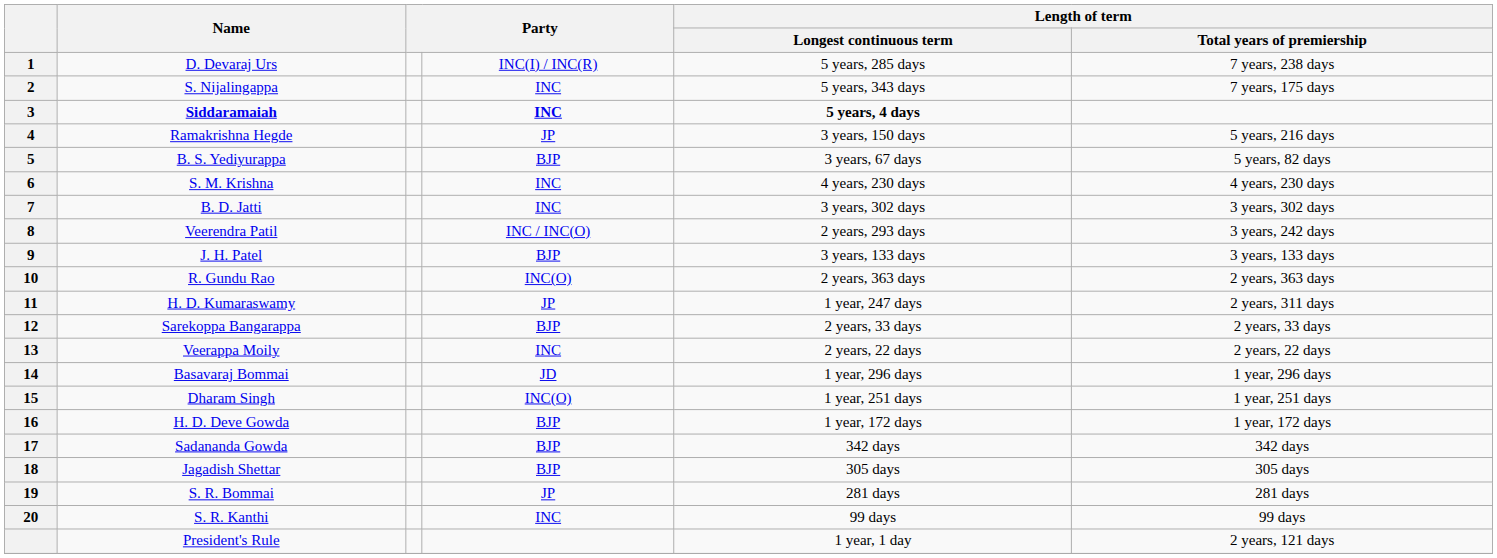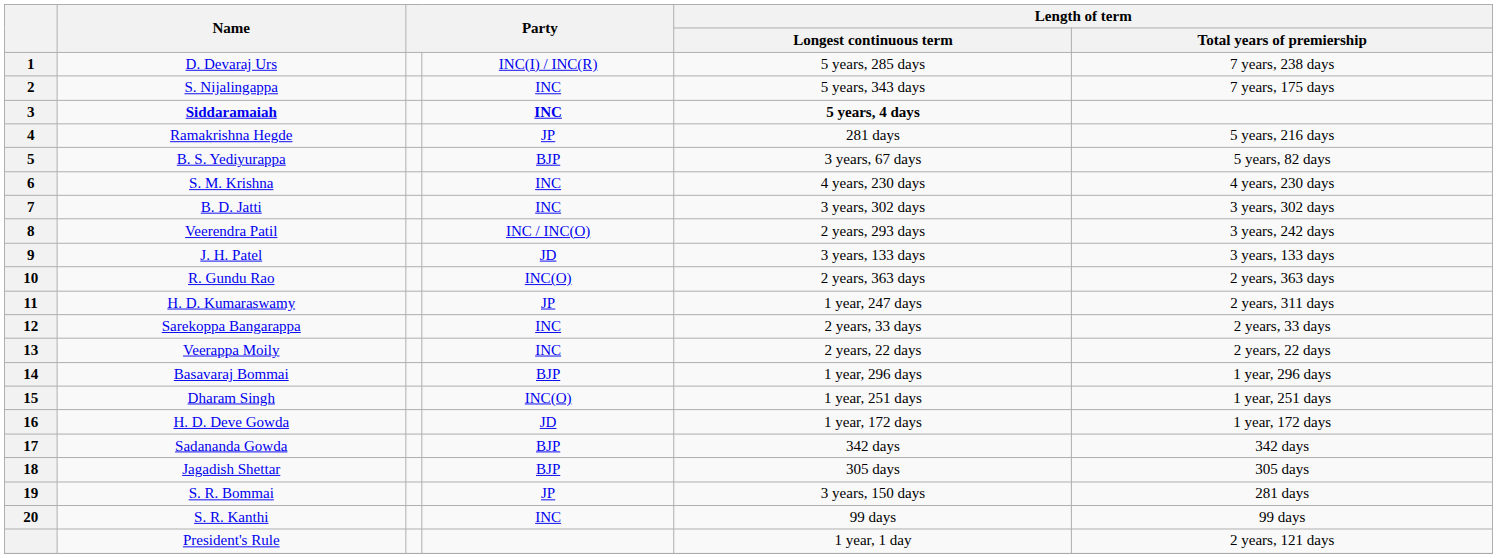 <table class="wikitable sortable" style="width:100%; text-align:center">
 <tr>
 <th rowspan="2" data-sort-type="number"></th>
 <th rowspan="2">Name</th>
 <th colspan="2" rowspan="2">Party</th>
 <th colspan="2">Length of term</th>
 </tr>
 <tr>
 <th>Longest continuous term</th>
 <th>Total years of premiership</th>
 </tr>
 <tr>
 <th data-sort-value="1">1</th>
 <td><a href='#'>D. Devaraj Urs</a></td>
 <td style="background-color: "></td>
 <td><a href='#'>INC(I) / INC(R)</a></td>
 <td>5 years, 285 days</td>
 <td>7 years, 238 days</td>
 </tr>
 <tr>
 <th data-sort-value="2">2</th>
 <td><a href='#'>S. Nijalingappa</a></td>
 <td style="background-color: "></td>
 <td><a href='#'>INC</a></td>
 <td>5 years, 343 days</td>
 <td>7 years, 175 days</td>
 </tr>
 <tr>
 <th data-sort-value="3">3</th>
 <td><strong><a href='#'>Siddaramaiah</a></strong></td>
 <td style="background-color: "></td>
 <td><a href='#'><strong>INC</strong></a></td>
 <td><strong>5 years, 4 days</strong></td>
 <td><strong></strong></td>
 </tr>
 <tr>
 <th data-sort-value="4">4</th>
 <td><a href='#'>Ramakrishna Hegde</a></td>
 <td style="background-color: "></td>
 <td><a href='#'>JP</a></td>
-<td>3 years, 150 days</td>
+<td>281 days</td>
 <td>5 years, 216 days</td>
 </tr>
 <tr>
 <th data-sort-value="5">5</th>
 <td><a href='#'>B. S. Yediyurappa</a></td>
 <td style="background-color: "></td>
 <td><a href='#'>BJP</a></td>
 <td>3 years, 67 days</td>
 <td>5 years, 82 days</td>
 </tr>
 <tr>
 <th data-sort-value="6">6</th>
 <td><a href='#'>S. M. Krishna</a></td>
 <td style="background-color: "></td>
 <td><a href='#'>INC</a></td>
 <td>4 years, 230 days</td>
 <td>4 years, 230 days</td>
 </tr>
 <tr>
 <th data-sort-value="7">7</th>
 <td><a href='#'>B. D. Jatti</a></td>
 <td style="background-color: "></td>
 <td><a href='#'>INC</a></td>
 <td>3 years, 302 days</td>
 <td>3 years, 302 days</td>
 </tr>
 <tr>
 <th data-sort-value="8">8</th>
 <td><a href='#'>Veerendra Patil</a></td>
 <td style="background-color: "></td>
 <td><a href='#'>INC / INC(O)</a></td>
 <td>2 years, 293 days</td>
 <td>3 years, 242 days</td>
 </tr>
 <tr>
 <th data-sort-value="9">9</th>
 <td><a href='#'>J. H. Patel</a></td>
 <td style="background-color: "></td>
-<td><a href='#'>BJP</a></td>
+<td><a href='#'>JD</a></td>
 <td>3 years, 133 days</td>
 <td>3 years, 133 days</td>
 </tr>
 <tr>
 <th data-sort-value="10">10</th>
 <td><a href='#'>R. Gundu Rao</a></td>
 <td style="background-color: "></td>
 <td><a href='#'>INC(O)</a></td>
 <td>2 years, 363 days</td>
 <td>2 years, 363 days</td>
 </tr>
 <tr>
 <th data-sort-value="11">11</th>
 <td><a href='#'>H. D. Kumaraswamy</a></td>
 <td style="background-color: "></td>
 <td><a href='#'>JP</a></td>
 <td>1 year, 247 days</td>
 <td>2 years, 311 days</td>
 </tr>
 <tr>
 <th data-sort-value="12">12</th>
 <td><a href='#'>Sarekoppa Bangarappa</a></td>
 <td style="background-color: "></td>
-<td><a href='#'>BJP</a></td>
+<td><a href='#'>INC</a></td>
 <td>2 years, 33 days</td>
 <td>2 years, 33 days</td>
 </tr>
 <tr>
 <th data-sort-value="13">13</th>
 <td><a href='#'>Veerappa Moily</a></td>
 <td style="background-color: "></td>
 <td><a href='#'>INC</a></td>
 <td>2 years, 22 days</td>
 <td>2 years, 22 days</td>
 </tr>
 <tr>
 <th data-sort-value="14">14</th>
 <td><a href='#'>Basavaraj Bommai</a></td>
 <td style="background-color: "></td>
-<td><a href='#'>JD</a></td>
+<td><a href='#'>BJP</a></td>
 <td>1 year, 296 days</td>
 <td>1 year, 296 days</td>
 </tr>
 <tr>
 <th data-sort-value="15">15</th>
 <td><a href='#'>Dharam Singh</a></td>
 <td style="background-color: "></td>
 <td><a href='#'>INC(O)</a></td>
 <td>1 year, 251 days</td>
 <td>1 year, 251 days</td>
 </tr>
 <tr>
 <th data-sort-value="16">16</th>
 <td><a href='#'>H. D. Deve Gowda</a></td>
 <td style="background-color: "></td>
-<td><a href='#'>BJP</a></td>
+<td><a href='#'>JD</a></td>
 <td>1 year, 172 days</td>
 <td>1 year, 172 days</td>
 </tr>
 <tr>
 <th data-sort-value="17">17</th>
 <td><a href='#'>Sadananda Gowda</a></td>
 <td style="background-color: "></td>
 <td><a href='#'>BJP</a></td>
 <td>342 days</td>
 <td>342 days</td>
 </tr>
 <tr>
 <th data-sort-value="18">18</th>
 <td><a href='#'>Jagadish Shettar</a></td>
 <td style="background-color: "></td>
 <td><a href='#'>BJP</a></td>
 <td>305 days</td>
 <td>305 days</td>
 </tr>
 <tr>
 <th data-sort-value="19">19</th>
 <td><a href='#'>S. R. Bommai</a></td>
 <td style="background-color: "></td>
 <td><a href='#'>JP</a></td>
-<td>281 days</td>
+<td>3 years, 150 days</td>
 <td>281 days</td>
 </tr>
 <tr>
 <th data-sort-value="20">20</th>
 <td><a href='#'>S. R. Kanthi</a></td>
 <td style="background-color: "></td>
 <td><a href='#'>INC</a></td>
 <td>99 days</td>
 <td>99 days</td>
 </tr>
 <tr>
 <th data-sort-value="20"></th>
 <td><a href='#'>President's Rule</a></td>
 <td style="background-color: "></td>
 <td></td>
 <td>1 year, 1 day</td>
 <td>2 years, 121 days</td>
 </tr>
 <tr>
 </tr>
 </table>
